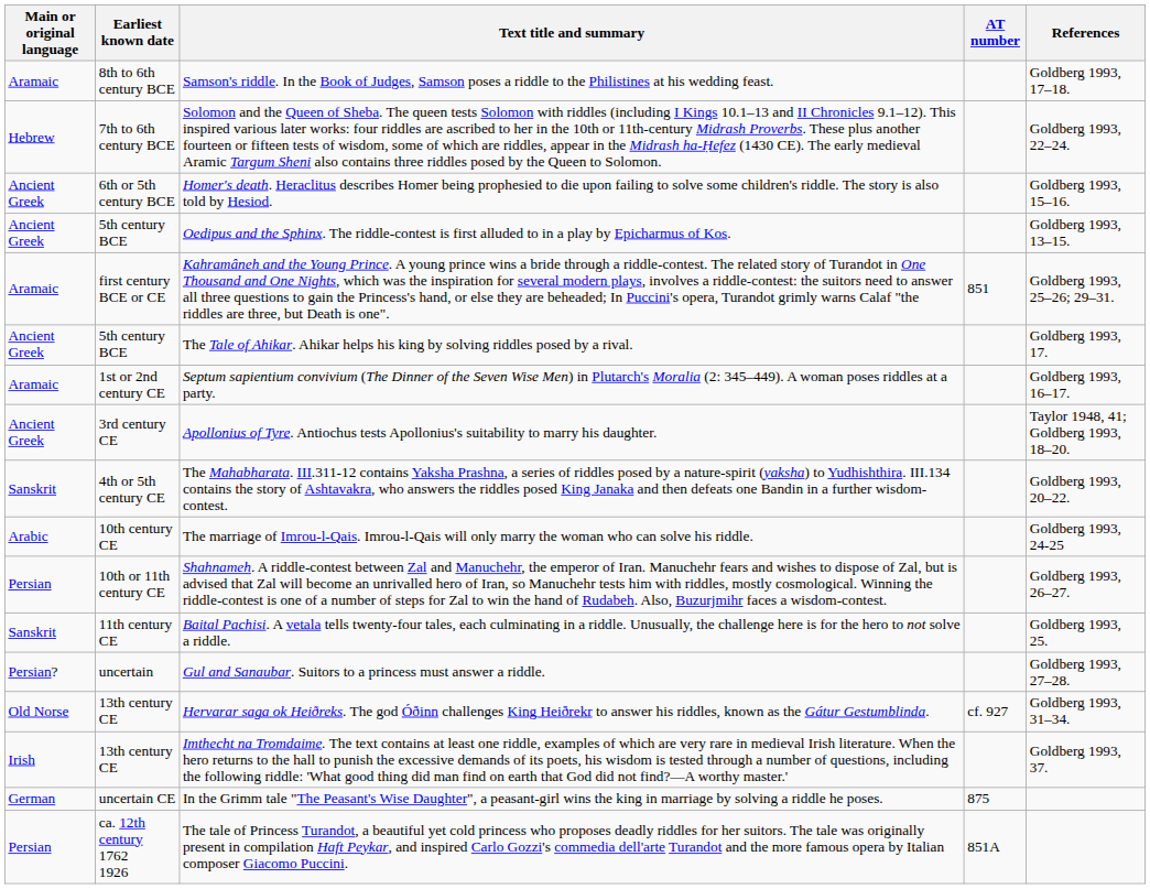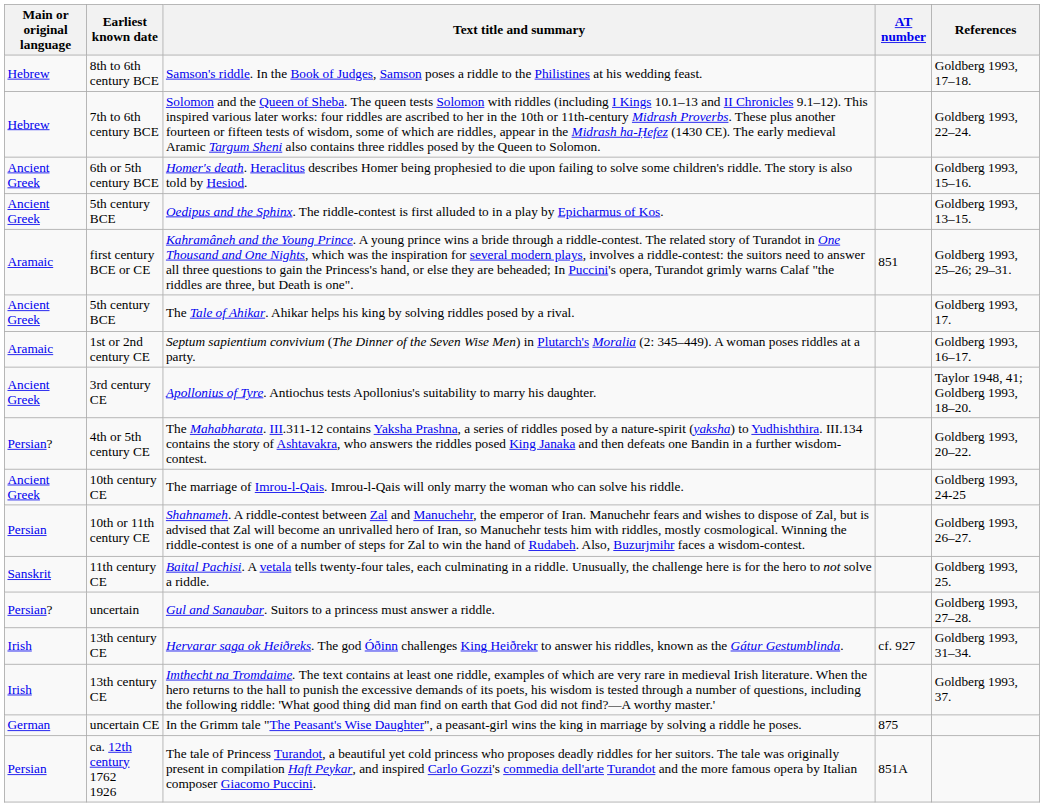 <table class="wikitable">
 <tr>
 <th>Main or original language</th>
 <th>Earliest known date</th>
 <th>Text title and summary</th>
 <th><a href='#'>AT number</a></th>
 <th>References</th>
 </tr>
 <tr>
-<td><a href='#'>Aramaic</a></td>
+<td><a href='#'>Hebrew</a></td>
 <td>8th to 6th century BCE</td>
 <td><a href='#'>Samson's riddle</a>. In the <a href='#'>Book of Judges</a>, <a href='#'>Samson</a> poses a riddle to the <a href='#'>Philistines</a> at his wedding feast.</td>
 <td></td>
 <td>Goldberg 1993, 17–18.</td>
 </tr>
 <tr>
 <td><a href='#'>Hebrew</a></td>
 <td>7th to 6th century BCE</td>
 <td><a href='#'>Solomon</a> and the <a href='#'>Queen of Sheba</a>. The queen tests <a href='#'>Solomon</a> with riddles (including <a href='#'>I Kings</a> 10.1–13 and <a href='#'>II Chronicles</a> 9.1–12). This inspired various later works: four riddles are ascribed to her in the 10th or 11th-century <em><a href='#'>Midrash Proverbs</a></em>. These plus another fourteen or fifteen tests of wisdom, some of which are riddles, appear in the <em><a href='#'>Midrash ha-Ḥefez</a></em> (1430 CE). The early medieval Aramic <em><a href='#'>Targum Sheni</a></em> also contains three riddles posed by the Queen to Solomon.</td>
 <td></td>
 <td>Goldberg 1993, 22–24.</td>
 </tr>
 <tr>
 <td><a href='#'>Ancient Greek</a></td>
 <td>6th or 5th century BCE</td>
 <td><em><a href='#'>Homer's death</a></em>. <a href='#'>Heraclitus</a> describes Homer being prophesied to die upon failing to solve some children's riddle. The story is also told by <a href='#'>Hesiod</a>.</td>
 <td></td>
 <td>Goldberg 1993, 15–16.</td>
 </tr>
 <tr>
 <td><a href='#'>Ancient Greek</a></td>
 <td>5th century BCE</td>
 <td><em><a href='#'>Oedipus and the Sphinx</a></em>. The riddle-contest is first alluded to in a play by <a href='#'>Epicharmus of Kos</a>.</td>
 <td></td>
 <td>Goldberg 1993, 13–15.</td>
 </tr>
 <tr>
 <td><a href='#'>Aramaic</a></td>
 <td>first century BCE or CE</td>
 <td><em><a href='#'>Kahramâneh and the Young Prince</a></em>. A young prince wins a bride through a riddle-contest. The related story of Turandot in <em><a href='#'>One Thousand and One Nights</a></em>, which was the inspiration for <a href='#'>several modern plays</a>, involves a riddle-contest: the suitors need to answer all three questions to gain the Princess's hand, or else they are beheaded; In <a href='#'>Puccini</a>'s opera, Turandot grimly warns Calaf "the riddles are three, but Death is one".</td>
 <td>851</td>
 <td>Goldberg 1993, 25–26; 29–31.</td>
 </tr>
 <tr>
 <td><a href='#'>Ancient Greek</a></td>
 <td>5th century BCE</td>
 <td>The <em><a href='#'>Tale of Ahikar</a></em>. Ahikar helps his king by solving riddles posed by a rival.</td>
 <td></td>
 <td>Goldberg 1993, 17.</td>
 </tr>
 <tr>
 <td><a href='#'>Aramaic</a></td>
 <td>1st or 2nd century CE</td>
 <td><em>Septum sapientium convivium</em> (<em>The Dinner of the Seven Wise Men</em>) in <a href='#'>Plutarch's</a> <em><a href='#'>Moralia</a></em> (2: 345–449). A woman poses riddles at a party.</td>
 <td></td>
 <td>Goldberg 1993, 16–17.</td>
 </tr>
 <tr>
 <td><a href='#'>Ancient Greek</a></td>
 <td>3rd century CE</td>
 <td><em><a href='#'>Apollonius of Tyre</a></em>. Antiochus tests Apollonius's suitability to marry his daughter.</td>
 <td></td>
 <td>Taylor 1948, 41; Goldberg 1993, 18–20.</td>
 </tr>
 <tr>
-<td><a href='#'>Sanskrit</a></td>
+<td><a href='#'>Persian</a>?</td>
 <td>4th or 5th century CE</td>
 <td>The <em><a href='#'>Mahabharata</a></em>. <a href='#'>III</a>.311-12 contains <a href='#'>Yaksha Prashna</a>, a series of riddles posed by a nature-spirit (<em><a href='#'>yaksha</a></em>) to <a href='#'>Yudhishthira</a>. III.134 contains the story of <a href='#'>Ashtavakra</a>, who answers the riddles posed <a href='#'>King Janaka</a> and then defeats one Bandin in a further wisdom-contest.</td>
 <td></td>
 <td>Goldberg 1993, 20–22.</td>
 </tr>
 <tr>
-<td><a href='#'>Arabic</a></td>
+<td><a href='#'>Ancient Greek</a></td>
 <td>10th century CE</td>
 <td>The marriage of <a href='#'>Imrou-l-Qais</a>. Imrou-l-Qais will only marry the woman who can solve his riddle.</td>
 <td></td>
 <td>Goldberg 1993, 24-25</td>
 </tr>
 <tr>
 <td><a href='#'>Persian</a></td>
 <td>10th or 11th century CE</td>
 <td><em><a href='#'>Shahnameh</a></em>. A riddle-contest between <a href='#'>Zal</a> and <a href='#'>Manuchehr</a>, the emperor of Iran. Manuchehr fears and wishes to dispose of Zal, but is advised that Zal will become an unrivalled hero of Iran, so Manuchehr tests him with riddles, mostly cosmological. Winning the riddle-contest is one of a number of steps for Zal to win the hand of <a href='#'>Rudabeh</a>. Also, <a href='#'>Buzurjmihr</a> faces a wisdom-contest.</td>
 <td></td>
 <td>Goldberg 1993, 26–27.</td>
 </tr>
 <tr>
 <td><a href='#'>Sanskrit</a></td>
 <td>11th century CE</td>
 <td><em><a href='#'>Baital Pachisi</a></em>. A <a href='#'>vetala</a> tells twenty-four tales, each culminating in a riddle. Unusually, the challenge here is for the hero to <em>not</em> solve a riddle.</td>
 <td></td>
 <td>Goldberg 1993, 25.</td>
 </tr>
 <tr>
 <td><a href='#'>Persian</a>?</td>
 <td>uncertain</td>
 <td><em><a href='#'>Gul and Sanaubar</a></em>. Suitors to a princess must answer a riddle.</td>
 <td></td>
 <td>Goldberg 1993, 27–28.</td>
 </tr>
 <tr>
-<td><a href='#'>Old Norse</a></td>
+<td><a href='#'>Irish</a></td>
 <td>13th century CE</td>
 <td><em><a href='#'>Hervarar saga ok Heiðreks</a></em>. The god <a href='#'>Óðinn</a> challenges <a href='#'>King Heiðrekr</a> to answer his riddles, known as the <em><a href='#'>Gátur Gestumblinda</a></em>.</td>
 <td>cf. 927</td>
 <td>Goldberg 1993, 31–34.</td>
 </tr>
 <tr>
 <td><a href='#'>Irish</a></td>
 <td>13th century CE</td>
 <td><em><a href='#'>Imthecht na Tromdaime</a>.</em> The text contains at least one riddle, examples of which are very rare in medieval Irish literature. When the hero returns to the hall to punish the excessive demands of its poets, his wisdom is tested through a number of questions, including the following riddle: 'What good thing did man find on earth that God did not find?—A worthy master.'</td>
 <td></td>
 <td>Goldberg 1993, 37.</td>
 </tr>
 <tr>
 <td><a href='#'>German</a></td>
 <td>uncertain CE</td>
 <td>In the Grimm tale "<a href='#'>The Peasant's Wise Daughter</a>", a peasant-girl wins the king in marriage by solving a riddle he poses.</td>
 <td>875</td>
 <td></td>
 </tr>
 <tr>
 <td><a href='#'>Persian</a></td>
 <td>ca. <a href='#'>12th century</a> <br> 1762 <br> 1926</td>
 <td>The tale of Princess <a href='#'>Turandot</a>, a beautiful yet cold princess who proposes deadly riddles for her suitors. The tale was originally present in compilation <em><a href='#'>Haft Peykar</a></em>, and inspired <a href='#'>Carlo Gozzi</a>'s <a href='#'>commedia dell'arte</a> <a href='#'>Turandot</a> and the more famous opera by Italian composer <a href='#'>Giacomo Puccini</a>.</td>
 <td>851A</td>
 <td></td>
 </tr>
 </table>
